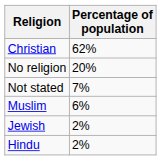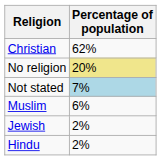 <table class="wikitable" align="right" style="font-size:90%; margin-left: 1em;">
 <tr>
 <th>Religion</th>
 <th>Percentage of <br>population</th>
 </tr>
 <tr>
 <td><a href='#'>Christian</a></td>
 <td>62%</td>
 </tr>
 <tr>
 <td>No religion</td>
-<td>20%</td>
+<td style="background: khaki;">20%</td>
 </tr>
 <tr>
 <td>Not stated</td>
-<td>7%</td>
+<td style="background: lightblue;">7%</td>
 </tr>
 <tr>
 <td><a href='#'>Muslim</a></td>
 <td>6%</td>
 </tr>
 <tr>
 <td><a href='#'>Jewish</a></td>
 <td>2%</td>
 </tr>
 <tr>
 <td><a href='#'>Hindu</a></td>
 <td>2%</td>
 </tr>
 </table>
